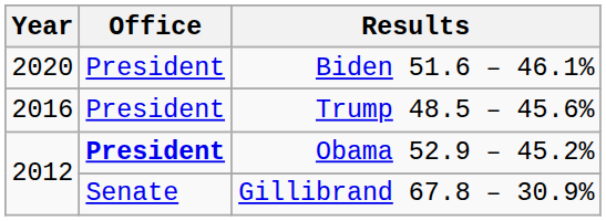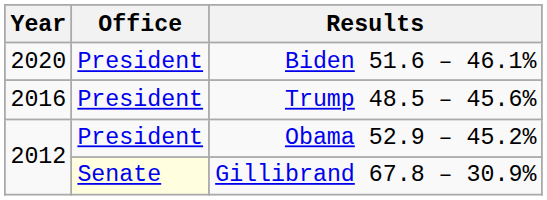 <table class=wikitable>
 <tr>
 <th width="30">Year</th>
 <th width="60">Office</th>
 <th width="180">Results</th>
 </tr>
 <tr>
 <td>2020</td>
 <td><a href='#'>President</a></td>
 <td align="right" ><a href='#'>Biden</a> 51.6 – 46.1%</td>
 </tr>
 <tr>
 <td>2016</td>
 <td><a href='#'>President</a></td>
 <td align="right" ><a href='#'>Trump</a> 48.5 – 45.6%</td>
 </tr>
 <tr>
 <td rowspan="2">2012</td>
-<td><strong><a href='#'>President</a></strong></td>
+<td><a href='#'>President</a></td>
 <td align="right" ><a href='#'>Obama</a> 52.9 – 45.2%</td>
 </tr>
 <tr>
-<td><a href='#'>Senate</a></td>
+<td style="background: lightyellow;"><a href='#'>Senate</a></td>
 <td align="right" ><a href='#'>Gillibrand</a> 67.8 – 30.9%</td>
 </tr>
 </table>
